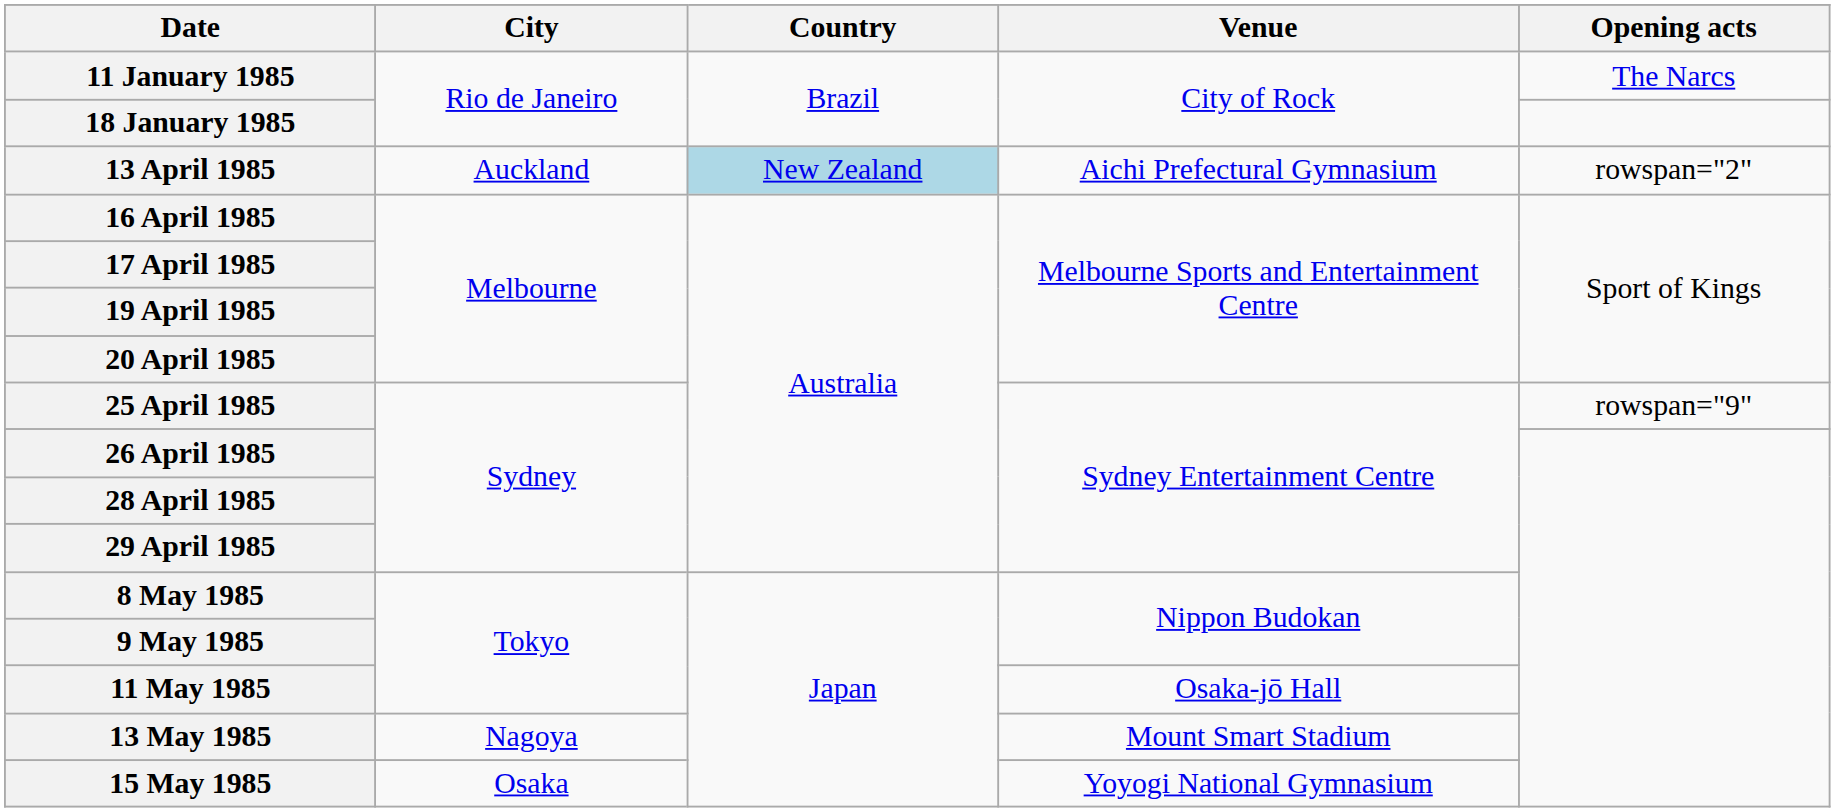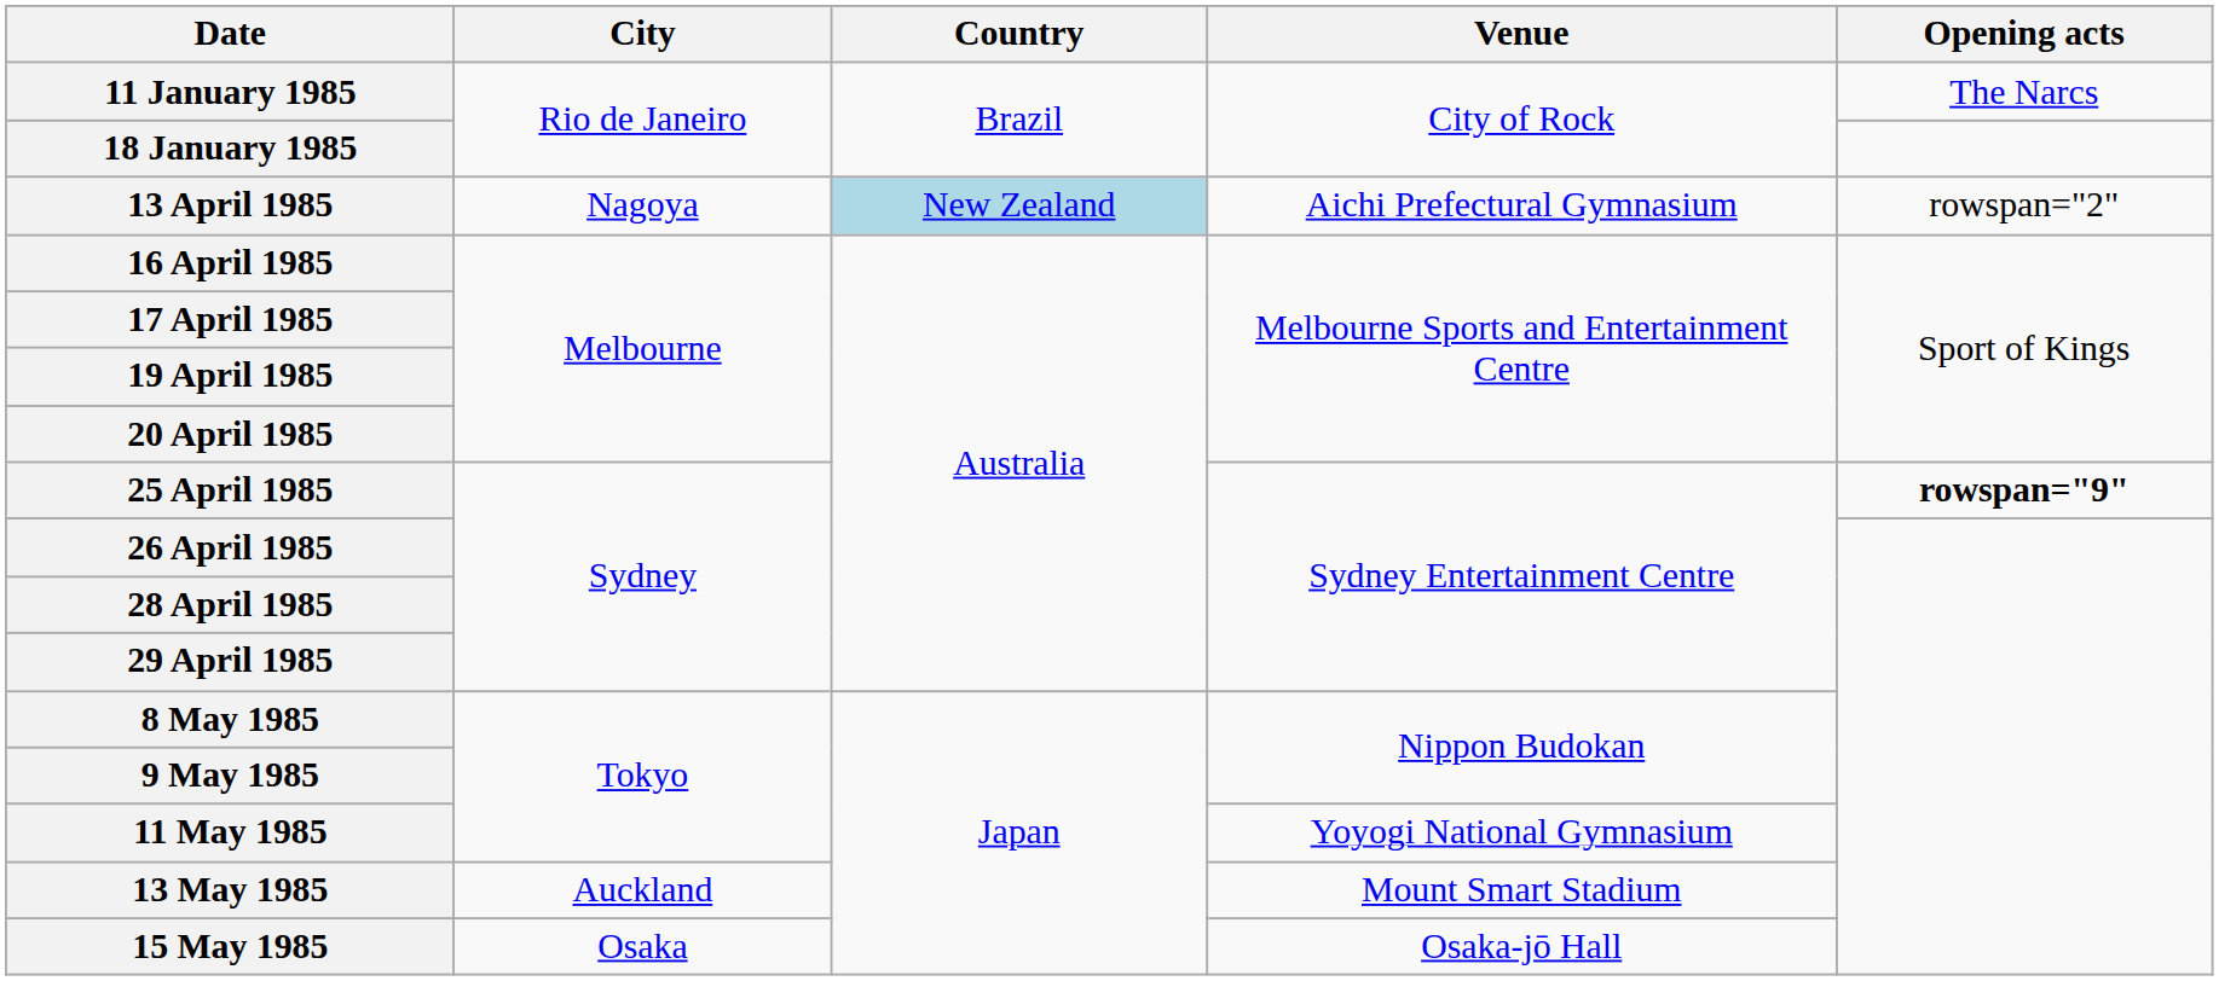 <table class="wikitable plainrowheaders" style="text-align:center;">
 <tr>
 <th scope="col" style="width:12em;">Date</th>
 <th scope="col" style="width:10em;">City</th>
 <th scope="col" style="width:10em;">Country</th>
 <th scope="col" style="width:17em;">Venue</th>
 <th scope="col" style="width:10em;">Opening acts</th>
 </tr>
 <tr>
 <th scope="row">11 January 1985</th>
 <td rowspan="2"><a href='#'>Rio de Janeiro</a></td>
 <td rowspan="2"><a href='#'>Brazil</a></td>
 <td rowspan="2"><a href='#'>City of Rock</a></td>
 <td><a href='#'>The Narcs</a></td>
 </tr>
 <tr>
 <th scope="row">18 January 1985</th>
 </tr>
 <tr>
 <th scope="row">13 April 1985</th>
-<td><a href='#'>Auckland</a></td>
+<td><a href='#'>Nagoya</a></td>
 <td style="background: lightblue;"><a href='#'>New Zealand</a></td>
 <td><a href='#'>Aichi Prefectural Gymnasium</a></td>
 <td>rowspan="2" </td>
 </tr>
 <tr>
 <th scope="row">16 April 1985</th>
 <td rowspan="4"><a href='#'>Melbourne</a></td>
 <td rowspan="8"><a href='#'>Australia</a></td>
 <td rowspan="4"><a href='#'>Melbourne Sports and Entertainment Centre</a></td>
 <td rowspan="4">Sport of Kings</td>
 </tr>
 <tr>
 <th scope="row">17 April 1985</th>
 </tr>
 <tr>
 <th scope="row">19 April 1985</th>
 </tr>
 <tr>
 <th scope="row">20 April 1985</th>
 </tr>
 <tr>
 <th scope="row">25 April 1985</th>
 <td rowspan="4"><a href='#'>Sydney</a></td>
 <td rowspan="4"><a href='#'>Sydney Entertainment Centre</a></td>
-<td>rowspan="9" </td>
+<td><strong>rowspan="9" </strong></td>
 </tr>
 <tr>
 <th scope="row">26 April 1985</th>
 </tr>
 <tr>
 <th scope="row">28 April 1985</th>
 </tr>
 <tr>
 <th scope="row">29 April 1985</th>
 </tr>
 <tr>
 <th scope="row">8 May 1985</th>
 <td rowspan="3"><a href='#'>Tokyo</a></td>
 <td rowspan="5"><a href='#'>Japan</a></td>
 <td rowspan="2"><a href='#'>Nippon Budokan</a></td>
 </tr>
 <tr>
 <th scope="row">9 May 1985</th>
 </tr>
 <tr>
 <th scope="row">11 May 1985</th>
-<td><a href='#'>Osaka-jō Hall</a></td>
+<td><a href='#'>Yoyogi National Gymnasium</a></td>
 </tr>
 <tr>
 <th scope="row">13 May 1985</th>
-<td><a href='#'>Nagoya</a></td>
+<td><a href='#'>Auckland</a></td>
 <td><a href='#'>Mount Smart Stadium</a></td>
 </tr>
 <tr>
 <th scope="row">15 May 1985</th>
 <td><a href='#'>Osaka</a></td>
-<td><a href='#'>Yoyogi National Gymnasium</a></td>
+<td><a href='#'>Osaka-jō Hall</a></td>
 </tr>
 </table>
